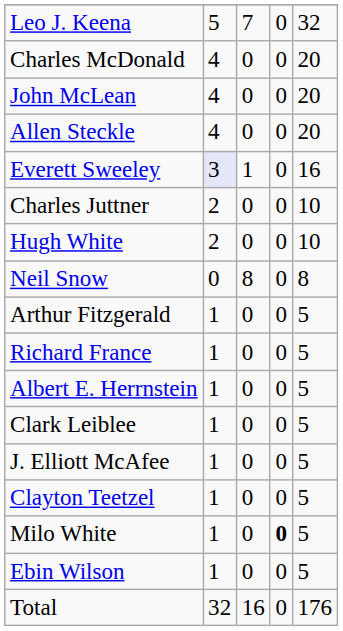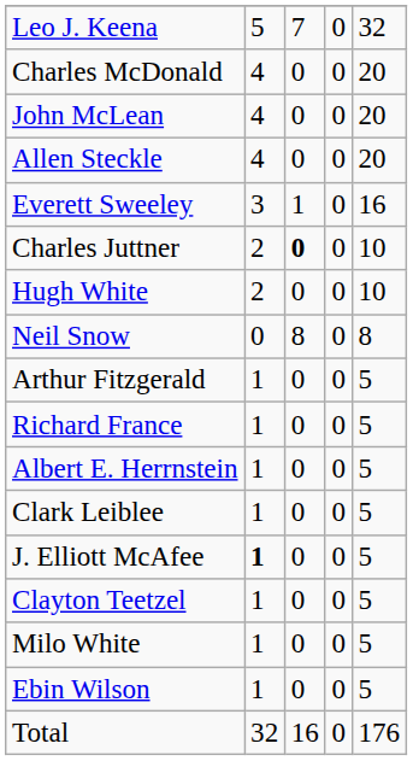 <table class="wikitable">
 <tr>
 </tr>
 <tr>
 <td><a href='#'>Leo J. Keena</a></td>
 <td>5</td>
 <td>7</td>
 <td>0</td>
 <td>32</td>
 </tr>
 <tr>
 <td>Charles McDonald</td>
 <td>4</td>
 <td>0</td>
 <td>0</td>
 <td>20</td>
 </tr>
 <tr>
 <td><a href='#'>John McLean</a></td>
 <td>4</td>
 <td>0</td>
 <td>0</td>
 <td>20</td>
 </tr>
 <tr>
 <td><a href='#'>Allen Steckle</a></td>
 <td>4</td>
 <td>0</td>
 <td>0</td>
 <td>20</td>
 </tr>
 <tr>
 <td><a href='#'>Everett Sweeley</a></td>
-<td style="background: lavender;">3</td>
+<td>3</td>
 <td>1</td>
 <td>0</td>
 <td>16</td>
 </tr>
 <tr>
 <td>Charles Juttner</td>
 <td>2</td>
-<td>0</td>
+<td><strong>0</strong></td>
 <td>0</td>
 <td>10</td>
 </tr>
 <tr>
 <td><a href='#'>Hugh White</a></td>
 <td>2</td>
 <td>0</td>
 <td>0</td>
 <td>10</td>
 </tr>
 <tr>
 <td><a href='#'>Neil Snow</a></td>
 <td>0</td>
 <td>8</td>
 <td>0</td>
 <td>8</td>
 </tr>
 <tr>
 <td>Arthur Fitzgerald</td>
 <td>1</td>
 <td>0</td>
 <td>0</td>
 <td>5</td>
 </tr>
 <tr>
 <td><a href='#'>Richard France</a></td>
 <td>1</td>
 <td>0</td>
 <td>0</td>
 <td>5</td>
 </tr>
 <tr>
 <td><a href='#'>Albert E. Herrnstein</a></td>
 <td>1</td>
 <td>0</td>
 <td>0</td>
 <td>5</td>
 </tr>
 <tr>
 <td>Clark Leiblee</td>
 <td>1</td>
 <td>0</td>
 <td>0</td>
 <td>5</td>
 </tr>
 <tr>
 <td>J. Elliott McAfee</td>
-<td>1</td>
+<td><strong>1</strong></td>
 <td>0</td>
 <td>0</td>
 <td>5</td>
 </tr>
 <tr>
 <td><a href='#'>Clayton Teetzel</a></td>
 <td>1</td>
 <td>0</td>
 <td>0</td>
 <td>5</td>
 </tr>
 <tr>
 <td>Milo White</td>
 <td>1</td>
 <td>0</td>
-<td><strong>0</strong></td>
+<td>0</td>
 <td>5</td>
 </tr>
 <tr>
 <td><a href='#'>Ebin Wilson</a></td>
 <td>1</td>
 <td>0</td>
 <td>0</td>
 <td>5</td>
 </tr>
 <tr>
 <td>Total</td>
 <td>32</td>
 <td>16</td>
 <td>0</td>
 <td>176</td>
 </tr>
 </table>
